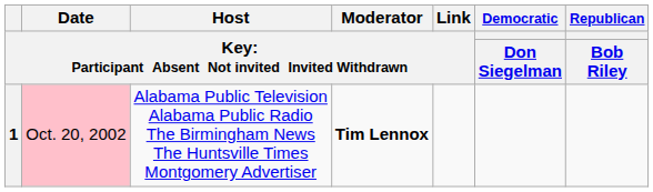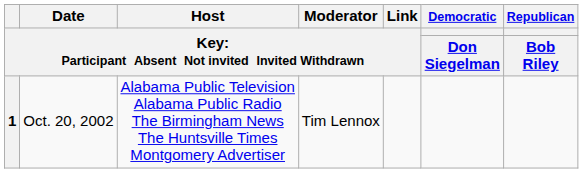 <table class="wikitable" style="text-align:center;">
 <tr>
 <th scope="col"></th>
 <th scope="col">Date</th>
 <th scope="col">Host</th>
 <th scope="col">Moderator</th>
 <th scope="col">Link</th>
 <th scope="col"><small><a href='#'>Democratic</a></small></th>
 <th scope="col"><small><a href='#'>Republican</a></small></th>
 </tr>
 <tr>
 <th colspan="5" rowspan="2">Key:<br> <small>Participant </small>  <small>Absent </small>  <small>Not invited </small>  <small>Invited  Withdrawn</small></th>
 <th scope="col" style="background:"></th>
 <th scope="col" style="background:"></th>
 </tr>
 <tr>
 <th scope="col"><a href='#'>Don Siegelman</a></th>
 <th scope="col"><a href='#'>Bob Riley</a></th>
 </tr>
 <tr>
 <th>1</th>
-<td style="background: pink; white-space:nowrap;">Oct. 20, 2002</td>
+<td style="white-space:nowrap;">Oct. 20, 2002</td>
 <td style="white-space:nowrap;"><a href='#'>Alabama Public Television</a><br><a href='#'>Alabama Public Radio</a><br><a href='#'>The Birmingham News</a><br><a href='#'>The Huntsville Times</a><br><a href='#'>Montgomery Advertiser</a></td>
-<td style="white-space:nowrap;"><strong>Tim Lennox</strong></td>
+<td style="white-space:nowrap;">Tim Lennox</td>
 <td style="white-space:nowrap;"></td>
 <td></td>
 <td></td>
 </tr>
 </table>
